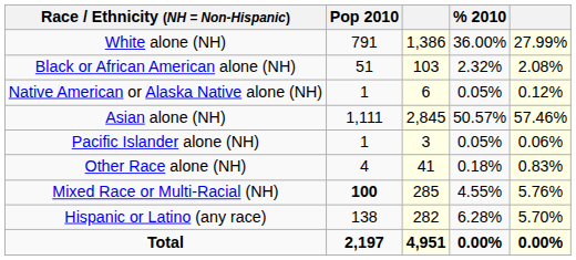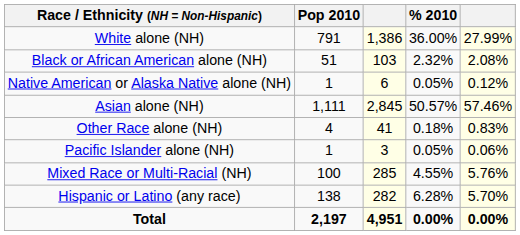 <table class="wikitable" style="text-align:center;">
 <tr>
 <th>Race / Ethnicity <small>(<em>NH = Non-Hispanic</em>)</small></th>
 <th>Pop 2010</th>
 <th></th>
 <th>% 2010</th>
 <th></th>
 </tr>
 <tr>
 <td><a href='#'>White</a> alone (NH)</td>
 <td>791</td>
 <td style='background: #ffffe6;'>1,386</td>
 <td>36.00%</td>
 <td style='background: #ffffe6;'>27.99%</td>
 </tr>
 <tr>
 <td><a href='#'>Black or African American</a> alone (NH)</td>
 <td>51</td>
 <td style='background: #ffffe6;'>103</td>
 <td>2.32%</td>
 <td style='background: #ffffe6;'>2.08%</td>
 </tr>
 <tr>
 <td><a href='#'>Native American</a> or <a href='#'>Alaska Native</a> alone (NH)</td>
 <td>1</td>
 <td style='background: #ffffe6;'>6</td>
 <td>0.05%</td>
 <td style='background: #ffffe6;'>0.12%</td>
 </tr>
 <tr>
 <td><a href='#'>Asian</a> alone (NH)</td>
 <td>1,111</td>
 <td style='background: #ffffe6;'>2,845</td>
 <td>50.57%</td>
 <td style='background: #ffffe6;'>57.46%</td>
 </tr>
 <tr>
+<td><a href='#'>Other Race</a> alone (NH)</td>
+<td>4</td>
+<td style='background: #ffffe6;'>41</td>
+<td>0.18%</td>
+<td style='background: #ffffe6;'>0.83%</td>
+</tr>
+<tr>
 <td><a href='#'>Pacific Islander</a> alone (NH)</td>
 <td>1</td>
 <td style='background: #ffffe6;'>3</td>
 <td>0.05%</td>
 <td style='background: #ffffe6;'>0.06%</td>
 </tr>
 <tr>
-<td><a href='#'>Other Race</a> alone (NH)</td>
-<td>4</td>
-<td style='background: #ffffe6;'>41</td>
-<td>0.18%</td>
-<td style='background: #ffffe6;'>0.83%</td>
-</tr>
-<tr>
 <td><a href='#'>Mixed Race or Multi-Racial</a> (NH)</td>
-<td><strong>100</strong></td>
+<td>100</td>
 <td style='background: #ffffe6;'>285</td>
 <td>4.55%</td>
 <td style='background: #ffffe6;'>5.76%</td>
 </tr>
 <tr>
 <td><a href='#'>Hispanic or Latino</a> (any race)</td>
 <td>138</td>
 <td style='background: #ffffe6;'>282</td>
 <td>6.28%</td>
 <td style='background: #ffffe6;'>5.70%</td>
 </tr>
 <tr>
 <td><strong>Total</strong></td>
 <td><strong>2,197</strong></td>
 <td style='background: #ffffe6;'><strong>4,951</strong></td>
 <td><strong>0.00%</strong></td>
 <td style='background: #ffffe6;'><strong>0.00%</strong></td>
 </tr>
 </table>
